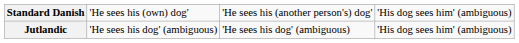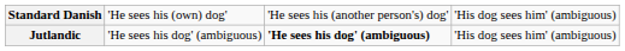 <table class="wikitable">
 <tr>
 <th>Standard Danish</th>
 <td> 'He sees his (own) dog'</td>
 <td> 'He sees his (another person's) dog'</td>
 <td> 'His dog sees him' (ambiguous)</td>
 </tr>
 <tr>
 <th>Jutlandic</th>
 <td> 'He sees his dog' (ambiguous)</td>
-<td> 'He sees his dog' (ambiguous)</td>
+<td><strong> 'He sees his dog' (ambiguous)</strong></td>
 <td> 'His dog sees him' (ambiguous)</td>
 </tr>
 </table>
